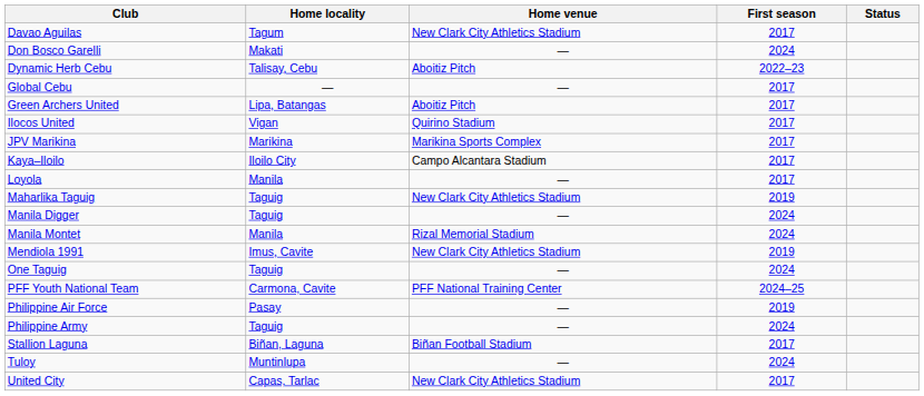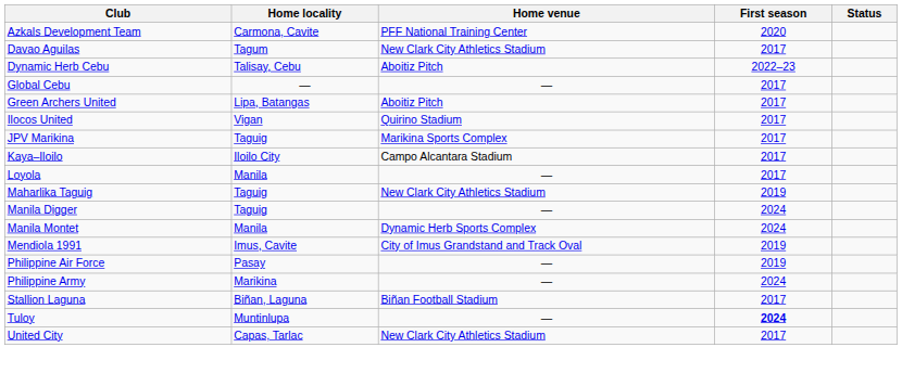 <table class="wikitable" style="width:100%;">
 <tr>
 <th>Club</th>
 <th>Home locality</th>
 <th>Home venue</th>
 <th>First season</th>
 <th>Status</th>
 </tr>
 <tr>
+<td style="text-align:left;"><a href='#'>Azkals Development Team</a></td>
+<td><a href='#'>Carmona, Cavite</a></td>
+<td><a href='#'>PFF National Training Center</a></td>
+<td style="text-align:center;"><a href='#'>2020</a></td>
+<td></td>
+</tr>
+<tr>
 <td style="text-align:left;"><a href='#'>Davao Aguilas</a></td>
 <td><a href='#'>Tagum</a></td>
 <td><a href='#'>New Clark City Athletics Stadium</a></td>
 <td style="text-align:center;"><a href='#'>2017</a></td>
-<td></td>
-</tr>
-<tr>
-<td style="text-align:left;"><a href='#'>Don Bosco Garelli</a></td>
-<td><a href='#'>Makati</a></td>
-<td align=center>—</td>
-<td style="text-align:center;"><a href='#'>2024</a></td>
 <td></td>
 </tr>
 <tr>
 <td style="text-align:left;"><a href='#'>Dynamic Herb Cebu</a></td>
 <td><a href='#'>Talisay, Cebu</a></td>
 <td><a href='#'>Aboitiz Pitch</a></td>
 <td style="text-align:center;"><a href='#'>2022–23</a></td>
 <td></td>
 </tr>
 <tr>
 <td style="text-align:left;"><a href='#'>Global Cebu</a></td>
 <td align=center>—</td>
 <td align=center>—</td>
 <td style="text-align:center;"><a href='#'>2017</a></td>
 <td></td>
 </tr>
 <tr>
 <td style="text-align:left;"><a href='#'>Green Archers United</a></td>
 <td><a href='#'>Lipa, Batangas</a></td>
 <td><a href='#'>Aboitiz Pitch</a></td>
 <td style="text-align:center;"><a href='#'>2017</a></td>
 <td></td>
 </tr>
 <tr>
 <td style="text-align:left;"><a href='#'>Ilocos United</a></td>
 <td><a href='#'>Vigan</a></td>
 <td><a href='#'>Quirino Stadium</a> </td>
 <td style="text-align:center;"><a href='#'>2017</a></td>
 <td></td>
 </tr>
 <tr>
 <td style="text-align:left;"><a href='#'>JPV Marikina</a></td>
-<td><a href='#'>Marikina</a></td>
+<td><a href='#'>Taguig</a></td>
 <td><a href='#'>Marikina Sports Complex</a></td>
 <td style="text-align:center;"><a href='#'>2017</a></td>
 <td></td>
 </tr>
 <tr>
 <td style="text-align:left;"><a href='#'>Kaya–Iloilo</a></td>
 <td><a href='#'>Iloilo City</a></td>
 <td>Campo Alcantara Stadium </td>
 <td style="text-align:center;"><a href='#'>2017</a></td>
 <td></td>
 </tr>
 <tr>
 <td style="text-align:left;"><a href='#'>Loyola</a><br></td>
 <td><a href='#'>Manila</a></td>
 <td align=center>—</td>
 <td style="text-align:center;"><a href='#'>2017</a></td>
 <td></td>
 </tr>
 <tr>
 <td style="text-align:left;"><a href='#'>Maharlika Taguig</a></td>
 <td><a href='#'>Taguig</a></td>
 <td><a href='#'>New Clark City Athletics Stadium</a></td>
 <td style="text-align:center;"><a href='#'>2019</a></td>
 <td></td>
 </tr>
 <tr>
 <td style="text-align:left;"><a href='#'>Manila Digger</a></td>
 <td><a href='#'>Taguig</a></td>
 <td align=center>—</td>
 <td style="text-align:center;"><a href='#'>2024</a></td>
 <td></td>
 </tr>
 <tr>
 <td style="text-align:left;"><a href='#'>Manila Montet</a></td>
 <td><a href='#'>Manila</a></td>
-<td><a href='#'>Rizal Memorial Stadium</a></td>
+<td><a href='#'>Dynamic Herb Sports Complex</a></td>
 <td style="text-align:center;"><a href='#'>2024</a></td>
 <td></td>
 </tr>
 <tr>
 <td style="text-align:left;"><a href='#'>Mendiola 1991</a></td>
 <td><a href='#'>Imus, Cavite</a></td>
-<td><a href='#'>New Clark City Athletics Stadium</a></td>
+<td><a href='#'>City of Imus Grandstand and Track Oval</a></td>
 <td style="text-align:center;"><a href='#'>2019</a></td>
-<td></td>
-</tr>
-<tr>
-<td style="text-align:left;"><a href='#'>One Taguig</a></td>
-<td><a href='#'>Taguig</a></td>
-<td align=center>—</td>
-<td style="text-align:center;"><a href='#'>2024</a></td>
-<td></td>
-</tr>
-<tr>
-<td style="text-align:left;"><a href='#'>PFF Youth National Team</a></td>
-<td><a href='#'>Carmona, Cavite</a></td>
-<td><a href='#'>PFF National Training Center</a></td>
-<td style="text-align:center;"><a href='#'>2024–25</a></td>
 <td></td>
 </tr>
 <tr>
 <td style="text-align:left;"><a href='#'>Philippine Air Force</a></td>
 <td><a href='#'>Pasay</a></td>
 <td align=center>—</td>
 <td style="text-align:center;"><a href='#'>2019</a></td>
 <td></td>
 </tr>
 <tr>
 <td style="text-align:left;"><a href='#'>Philippine Army</a></td>
-<td><a href='#'>Taguig</a></td>
+<td><a href='#'>Marikina</a></td>
 <td align=center>—</td>
 <td style="text-align:center;"><a href='#'>2024</a></td>
 <td></td>
 </tr>
 <tr>
 <td style="text-align:left;"><a href='#'>Stallion Laguna</a></td>
 <td><a href='#'>Biñan, Laguna</a></td>
 <td><a href='#'>Biñan Football Stadium</a></td>
 <td style="text-align:center;"><a href='#'>2017</a></td>
 <td></td>
 </tr>
 <tr>
 <td style="text-align:left;"><a href='#'>Tuloy</a></td>
 <td><a href='#'>Muntinlupa</a></td>
 <td align=center>—</td>
-<td style="text-align:center;"><a href='#'>2024</a></td>
+<td style="text-align:center;"><strong><a href='#'>2024</a></strong></td>
 <td></td>
 </tr>
 <tr>
 <td style="text-align:left;"><a href='#'>United City</a><br></td>
 <td><a href='#'>Capas, Tarlac</a></td>
 <td><a href='#'>New Clark City Athletics Stadium</a></td>
 <td style="text-align:center;"><a href='#'>2017</a></td>
 <td></td>
 </tr>
 </table>
